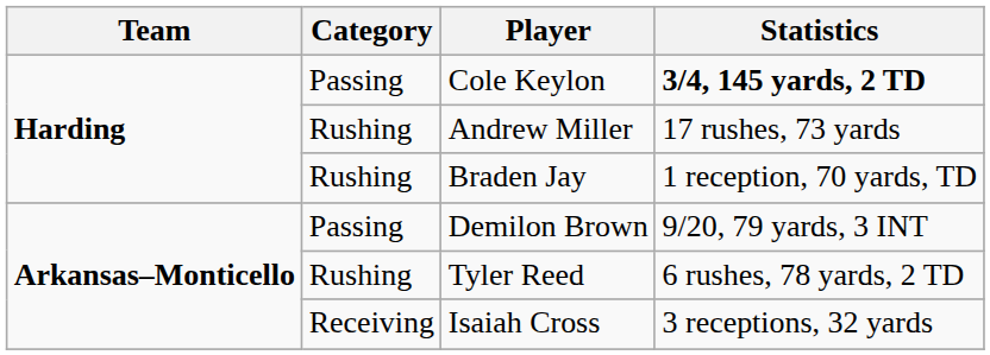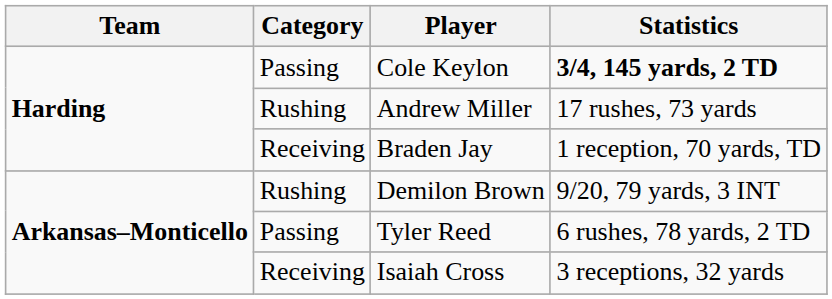 <table class="wikitable" style="float: right;">
 <tr>
 <th>Team</th>
 <th>Category</th>
 <th>Player</th>
 <th>Statistics</th>
 </tr>
 <tr>
 <td rowspan=3><strong>Harding</strong></td>
 <td>Passing</td>
 <td>Cole Keylon</td>
 <td><strong>3/4, 145 yards, 2 TD</strong></td>
 </tr>
 <tr>
 <td>Rushing</td>
 <td>Andrew Miller</td>
 <td>17 rushes, 73 yards</td>
 </tr>
 <tr>
-<td>Rushing</td>
+<td>Receiving</td>
 <td>Braden Jay</td>
 <td>1 reception, 70 yards, TD</td>
 </tr>
 <tr>
 <td rowspan=3><strong>Arkansas–Monticello</strong></td>
-<td>Passing</td>
+<td>Rushing</td>
 <td>Demilon Brown</td>
 <td>9/20, 79 yards, 3 INT</td>
 </tr>
 <tr>
-<td>Rushing</td>
+<td>Passing</td>
 <td>Tyler Reed</td>
 <td>6 rushes, 78 yards, 2 TD</td>
 </tr>
 <tr>
 <td>Receiving</td>
 <td>Isaiah Cross</td>
 <td>3 receptions, 32 yards</td>
 </tr>
 </table>
